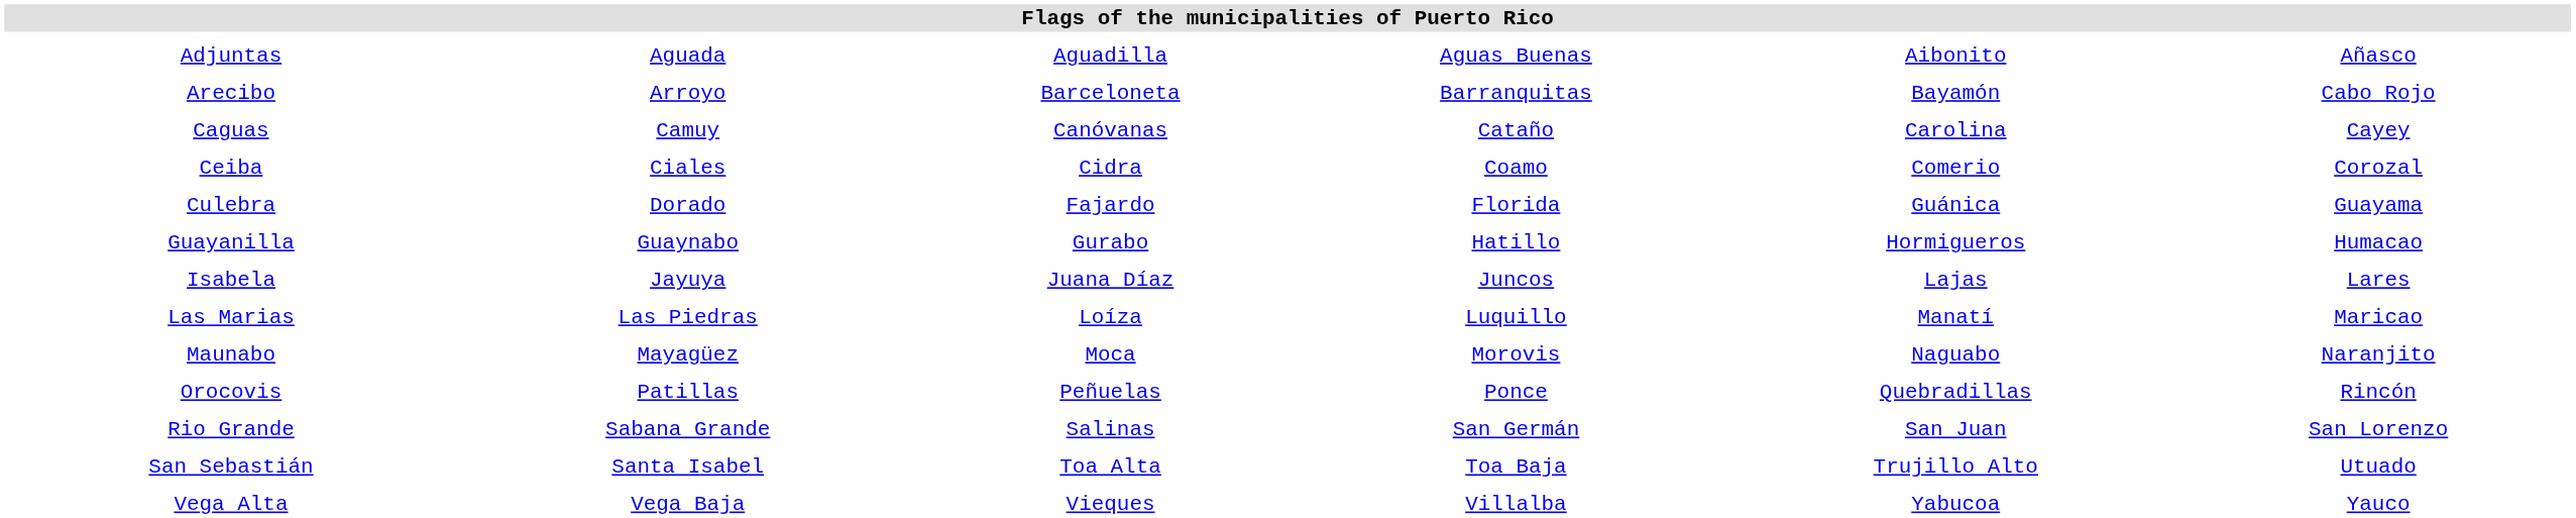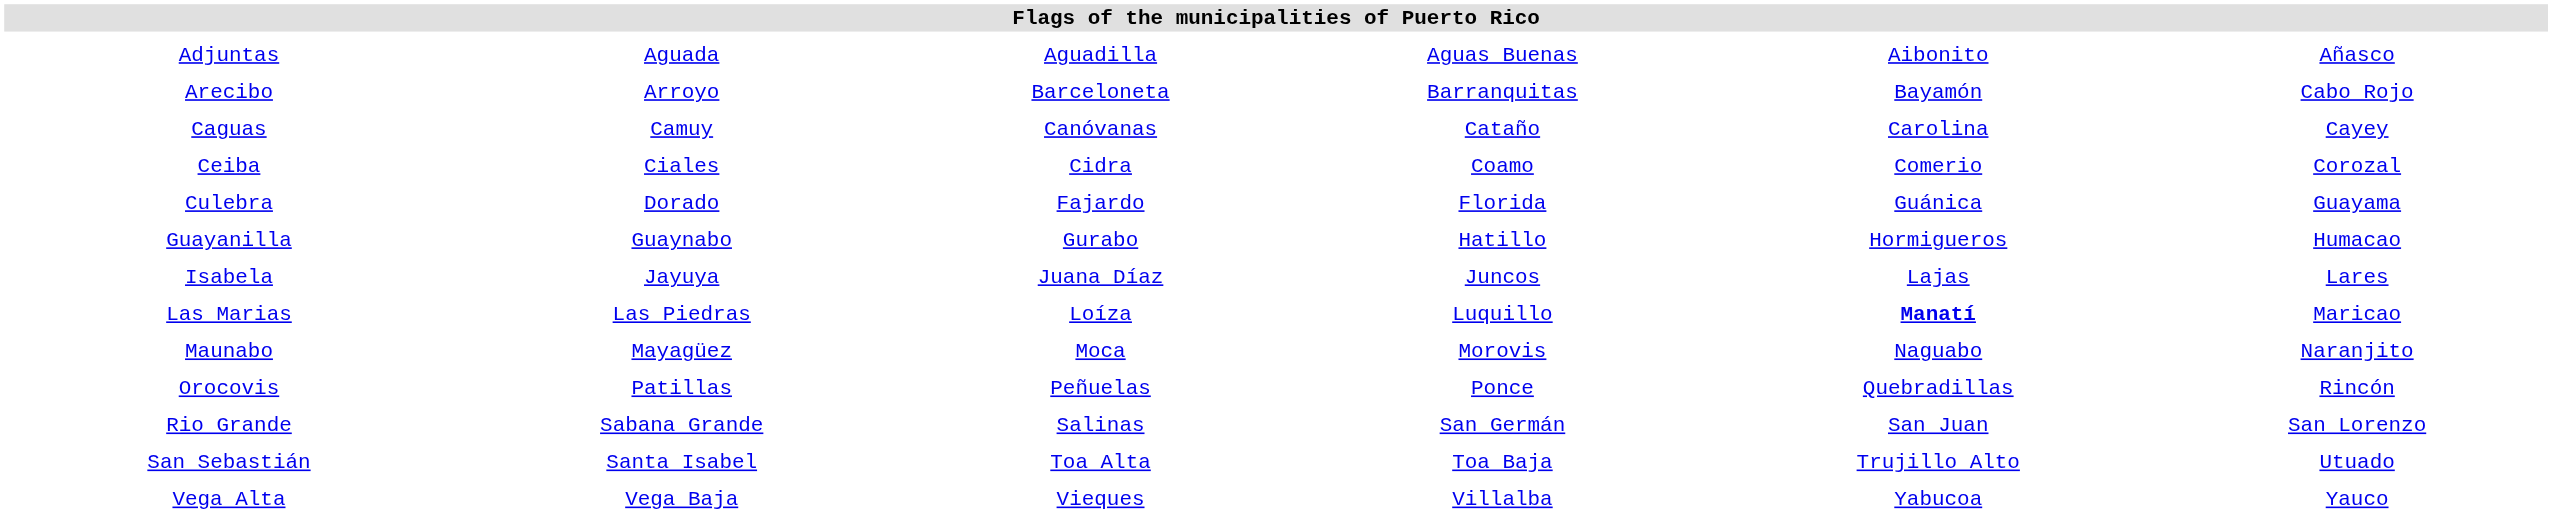 <table class=toccolours style="width: 100%; margin-bottom: 0.5em;">
 <tr>
 <th colspan="9" style="background-color: #E0E0E0;text-align:center;">Flags of the municipalities of Puerto Rico</th>
 </tr>
 <tr align="center">
 <td></td>
 <td></td>
 <td></td>
 <td></td>
 <td></td>
 <td></td>
 </tr>
 <tr align="center">
 <td><a href='#'>Adjuntas</a></td>
 <td><a href='#'>Aguada</a></td>
 <td><a href='#'>Aguadilla</a></td>
 <td><a href='#'>Aguas Buenas</a></td>
 <td><a href='#'>Aibonito</a></td>
 <td><a href='#'>Añasco</a></td>
 </tr>
 <tr align="center">
 <td></td>
 <td></td>
 <td></td>
 <td></td>
 <td></td>
 <td></td>
 </tr>
 <tr align="center">
 <td><a href='#'>Arecibo</a></td>
 <td><a href='#'>Arroyo</a></td>
 <td><a href='#'>Barceloneta</a></td>
 <td><a href='#'>Barranquitas</a></td>
 <td><a href='#'>Bayamón</a></td>
 <td><a href='#'>Cabo Rojo</a></td>
 </tr>
 <tr align="center">
 <td></td>
 <td></td>
 <td></td>
 <td></td>
 <td></td>
 <td></td>
 </tr>
 <tr align="center">
 <td><a href='#'>Caguas</a></td>
 <td><a href='#'>Camuy</a></td>
 <td><a href='#'>Canóvanas</a></td>
 <td><a href='#'>Cataño</a></td>
 <td><a href='#'>Carolina</a></td>
 <td><a href='#'>Cayey</a></td>
 </tr>
 <tr align="center">
 <td></td>
 <td></td>
 <td></td>
 <td></td>
 <td></td>
 <td></td>
 </tr>
 <tr align="center">
 <td><a href='#'>Ceiba</a></td>
 <td><a href='#'>Ciales</a></td>
 <td><a href='#'>Cidra</a></td>
 <td><a href='#'>Coamo</a></td>
 <td><a href='#'>Comerio</a></td>
 <td><a href='#'>Corozal</a></td>
 </tr>
 <tr align="center">
 <td></td>
 <td></td>
 <td></td>
 <td></td>
 <td></td>
 <td></td>
 </tr>
 <tr align="center">
 <td><a href='#'>Culebra</a></td>
 <td><a href='#'>Dorado</a></td>
 <td><a href='#'>Fajardo</a></td>
 <td><a href='#'>Florida</a></td>
 <td><a href='#'>Guánica</a></td>
 <td><a href='#'>Guayama</a></td>
 </tr>
 <tr align="center">
 <td></td>
 <td></td>
 <td></td>
 <td></td>
 <td></td>
 <td></td>
 </tr>
 <tr align="center">
 <td><a href='#'>Guayanilla</a></td>
 <td><a href='#'>Guaynabo</a></td>
 <td><a href='#'>Gurabo</a></td>
 <td><a href='#'>Hatillo</a></td>
 <td><a href='#'>Hormigueros</a></td>
 <td><a href='#'>Humacao</a></td>
 </tr>
 <tr align="center">
 <td></td>
 <td></td>
 <td></td>
 <td></td>
 <td></td>
 <td></td>
 </tr>
 <tr align="center">
 <td><a href='#'>Isabela</a></td>
 <td><a href='#'>Jayuya</a></td>
 <td><a href='#'>Juana Díaz</a></td>
 <td><a href='#'>Juncos</a></td>
 <td><a href='#'>Lajas</a></td>
 <td><a href='#'>Lares</a></td>
 </tr>
 <tr align="center">
 <td></td>
 <td></td>
 <td></td>
 <td></td>
 <td></td>
 <td></td>
 </tr>
 <tr align="center">
 <td><a href='#'>Las Marias</a></td>
 <td><a href='#'>Las Piedras</a></td>
 <td><a href='#'>Loíza</a></td>
 <td><a href='#'>Luquillo</a></td>
-<td><a href='#'>Manatí</a></td>
+<td><strong><a href='#'>Manatí</a></strong></td>
 <td><a href='#'>Maricao</a></td>
 </tr>
 <tr align="center">
 <td></td>
 <td></td>
 <td></td>
 <td></td>
 <td></td>
 <td></td>
 </tr>
 <tr align="center">
 <td><a href='#'>Maunabo</a></td>
 <td><a href='#'>Mayagüez</a></td>
 <td><a href='#'>Moca</a></td>
 <td><a href='#'>Morovis</a></td>
 <td><a href='#'>Naguabo</a></td>
 <td><a href='#'>Naranjito</a></td>
 </tr>
 <tr align="center">
 <td></td>
 <td></td>
 <td></td>
 <td></td>
 <td></td>
 <td></td>
 </tr>
 <tr align="center">
 <td><a href='#'>Orocovis</a></td>
 <td><a href='#'>Patillas</a></td>
 <td><a href='#'>Peñuelas</a></td>
 <td><a href='#'>Ponce</a></td>
 <td><a href='#'>Quebradillas</a></td>
 <td><a href='#'>Rincón</a></td>
 </tr>
 <tr align="center">
 <td></td>
 <td></td>
 <td></td>
 <td></td>
 <td></td>
 <td></td>
 </tr>
 <tr align="center">
 <td><a href='#'>Rio Grande</a></td>
 <td><a href='#'>Sabana Grande</a></td>
 <td><a href='#'>Salinas</a></td>
 <td><a href='#'>San Germán</a></td>
 <td><a href='#'>San Juan</a></td>
 <td><a href='#'>San Lorenzo</a></td>
 </tr>
 <tr align="center">
 <td></td>
 <td></td>
 <td></td>
 <td></td>
 <td></td>
 <td></td>
 </tr>
 <tr align="center">
 <td><a href='#'>San Sebastián</a></td>
 <td><a href='#'>Santa Isabel</a></td>
 <td><a href='#'>Toa Alta</a></td>
 <td><a href='#'>Toa Baja</a></td>
 <td><a href='#'>Trujillo Alto</a></td>
 <td><a href='#'>Utuado</a></td>
 </tr>
 <tr align="center">
 <td></td>
 <td></td>
 <td></td>
 <td></td>
 <td></td>
 <td></td>
 </tr>
 <tr align="center">
 <td><a href='#'>Vega Alta</a></td>
 <td><a href='#'>Vega Baja</a></td>
 <td><a href='#'>Vieques</a></td>
 <td><a href='#'>Villalba</a></td>
 <td><a href='#'>Yabucoa</a></td>
 <td><a href='#'>Yauco</a></td>
 </tr>
 </table>
